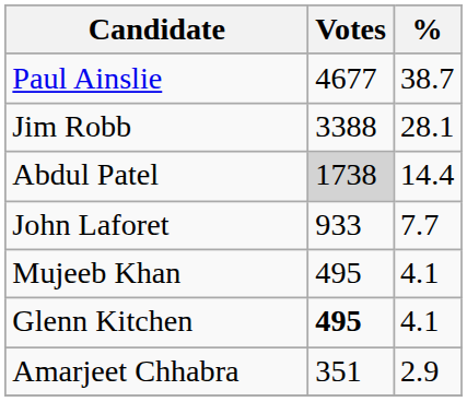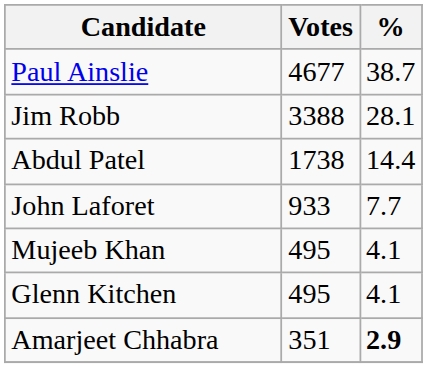 <table class="wikitable">
 <tr>
 <th bgcolor="#DDDDFF" width="150px">Candidate</th>
 <th bgcolor="#DDDDFF">Votes</th>
 <th bgcolor="#DDDDFF">%</th>
 </tr>
 <tr>
 <td><a href='#'>Paul Ainslie</a></td>
 <td>4677</td>
 <td>38.7</td>
 </tr>
 <tr>
 <td>Jim Robb</td>
 <td>3388</td>
 <td>28.1</td>
 </tr>
 <tr>
 <td>Abdul Patel</td>
-<td style="background: lightgrey;">1738</td>
+<td>1738</td>
 <td>14.4</td>
 </tr>
 <tr>
 <td>John Laforet</td>
 <td>933</td>
 <td>7.7</td>
 </tr>
 <tr>
 <td>Mujeeb Khan</td>
 <td>495</td>
 <td>4.1</td>
 </tr>
 <tr>
 <td>Glenn Kitchen</td>
-<td><strong>495</strong></td>
+<td>495</td>
 <td>4.1</td>
 </tr>
 <tr>
 <td>Amarjeet Chhabra</td>
 <td>351</td>
-<td>2.9</td>
+<td><strong>2.9</strong></td>
 </tr>
 <tr>
 </tr>
 </table>
